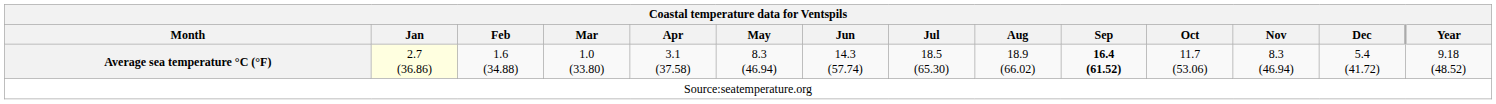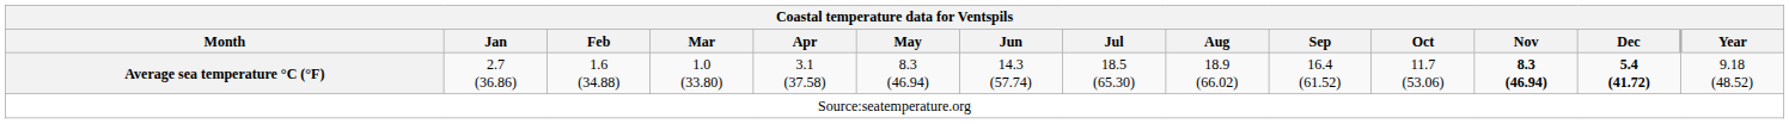 <table style="width:100%;text-align:center;line-height:1.2em;margin-left:auto;margin-right:auto" class="wikitable">
 <tr>
 <th Colspan=14>Coastal temperature data for Ventspils</th>
 </tr>
 <tr>
 <th>Month</th>
 <th>Jan</th>
 <th>Feb</th>
 <th>Mar</th>
 <th>Apr</th>
 <th>May</th>
 <th>Jun</th>
 <th>Jul</th>
 <th>Aug</th>
 <th>Sep</th>
 <th>Oct</th>
 <th>Nov</th>
 <th>Dec</th>
 <th style="border-left-width:medium">Year</th>
 </tr>
 <tr>
 <th>Average sea temperature °C (°F)</th>
-<td style="background: lightyellow;">2.7<br>(36.86)</td>
+<td>2.7<br>(36.86)</td>
 <td>1.6<br>(34.88)</td>
 <td>1.0<br>(33.80)</td>
 <td>3.1<br>(37.58)</td>
 <td>8.3<br>(46.94)</td>
 <td>14.3<br>(57.74)</td>
 <td>18.5<br>(65.30)</td>
 <td>18.9<br>(66.02)</td>
-<td><strong>16.4<br>(61.52)</strong></td>
+<td>16.4<br>(61.52)</td>
 <td>11.7<br>(53.06)</td>
-<td>8.3<br>(46.94)</td>
-<td>5.4<br>(41.72)</td>
+<td><strong>8.3<br>(46.94)</strong></td>
+<td><strong>5.4<br>(41.72)</strong></td>
 <td>9.18<br>(48.52)</td>
 </tr>
 <tr>
 <th Colspan=14 style="background:#ffffff;font-weight:normal;font-size:100%;">Source:seatemperature.org</th>
 </tr>
 </table>
